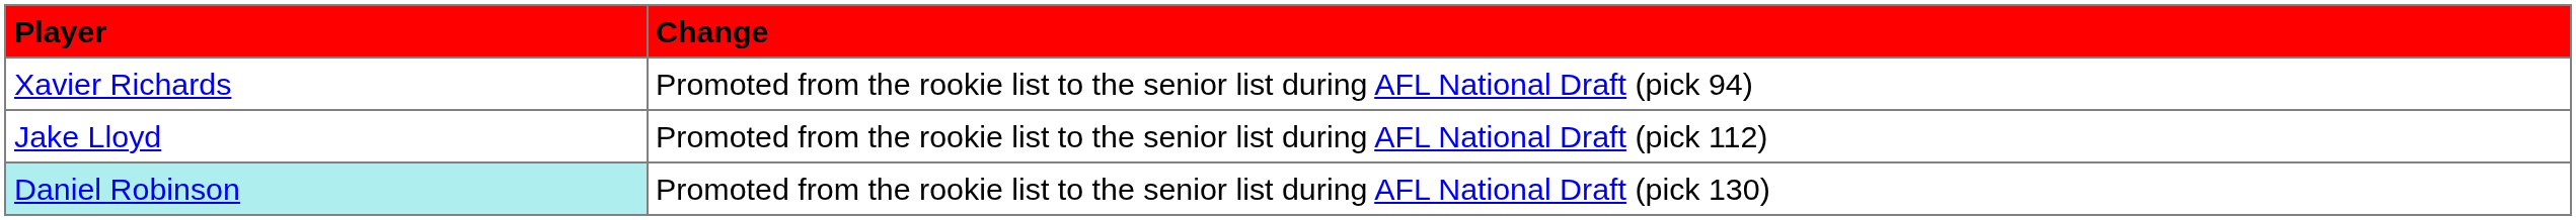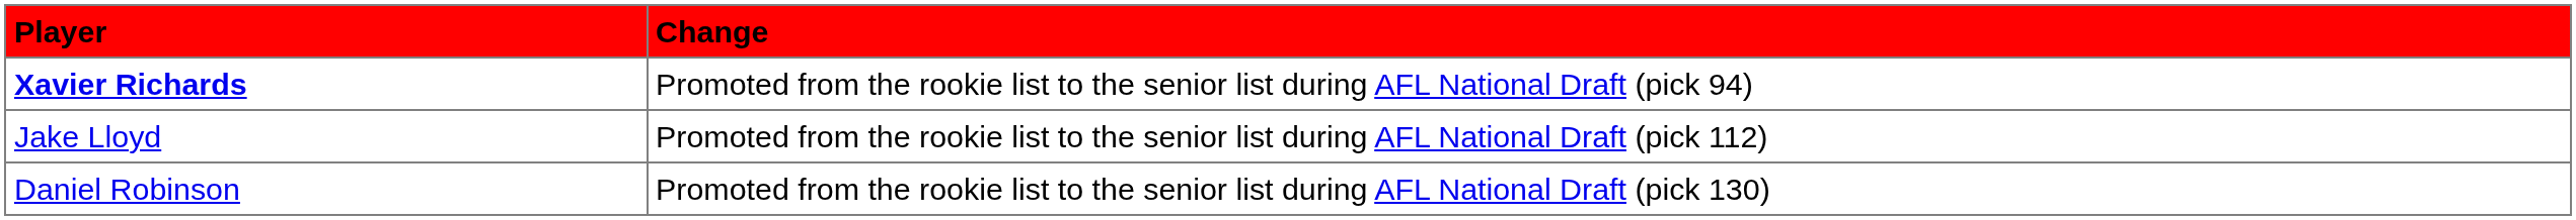 <table border="1" cellpadding="4" cellspacing="0"  style="text-align:left; font-size:95%; border-collapse:collapse; width:80%;">
 <tr style="background:#FF0000;">
 <th style="width:25%;"><span>Player</span></th>
 <th><span>Change</span></th>
 </tr>
 <tr>
-<td> <a href='#'>Xavier Richards</a></td>
+<td><strong> <a href='#'>Xavier Richards</a></strong></td>
 <td>Promoted from the rookie list to the senior list during <a href='#'>AFL National Draft</a> (pick 94)</td>
 </tr>
 <tr>
 <td> <a href='#'>Jake Lloyd</a></td>
 <td>Promoted from the rookie list to the senior list during <a href='#'>AFL National Draft</a> (pick 112)</td>
 </tr>
 <tr>
-<td style="background: paleturquoise;"> <a href='#'>Daniel Robinson</a></td>
+<td> <a href='#'>Daniel Robinson</a></td>
 <td>Promoted from the rookie list to the senior list during <a href='#'>AFL National Draft</a> (pick 130)</td>
 </tr>
 </table>
